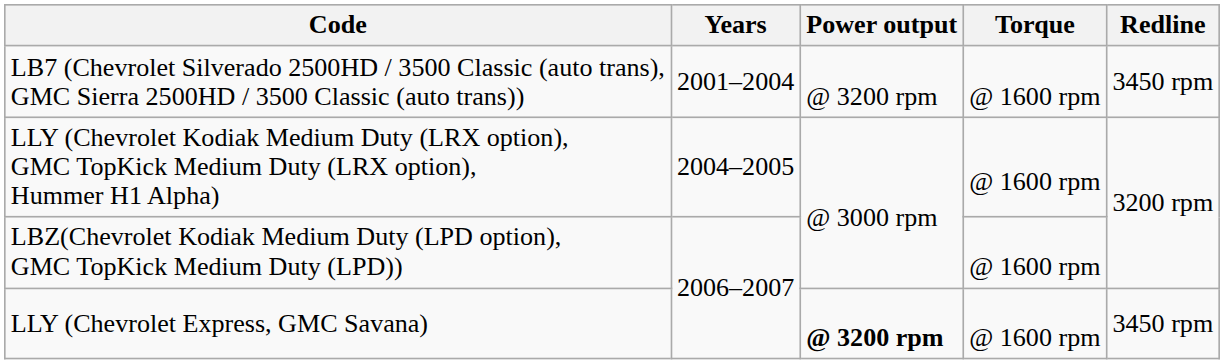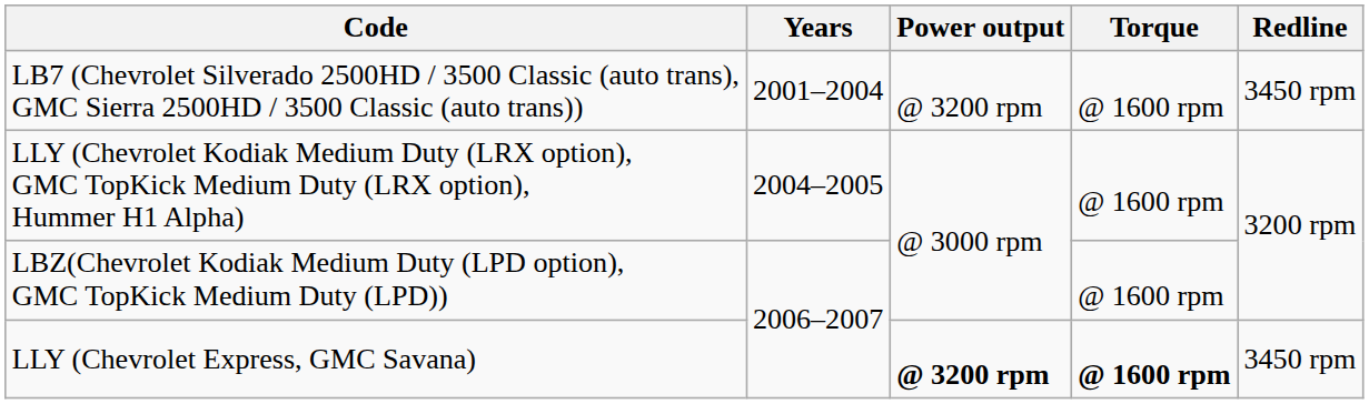 <table class="wikitable">
 <tr>
 <th>Code</th>
 <th>Years</th>
 <th>Power output</th>
 <th>Torque</th>
 <th>Redline</th>
 </tr>
 <tr>
 <td>LB7 (Chevrolet Silverado 2500HD / 3500 Classic (auto trans),<br>GMC Sierra 2500HD / 3500 Classic (auto trans))</td>
 <td>2001–2004</td>
 <td><br>@ 3200 rpm</td>
 <td><br>@ 1600 rpm</td>
 <td>3450 rpm</td>
 </tr>
 <tr>
 <td>LLY (Chevrolet Kodiak Medium Duty (LRX option),<br>GMC TopKick Medium Duty (LRX option),<br>Hummer H1 Alpha)</td>
 <td>2004–2005</td>
 <td rowspan=2><br>@ 3000 rpm</td>
 <td><br>@ 1600 rpm</td>
 <td rowspan=2>3200 rpm</td>
 </tr>
 <tr>
 <td>LBZ(Chevrolet Kodiak Medium Duty (LPD option),<br>GMC TopKick Medium Duty (LPD))</td>
 <td rowspan=2>2006–2007</td>
 <td><br>@ 1600 rpm</td>
 </tr>
 <tr>
 <td>LLY (Chevrolet Express, GMC Savana)</td>
 <td><strong><br>@ 3200 rpm</strong></td>
-<td><br>@ 1600 rpm</td>
+<td><strong><br>@ 1600 rpm</strong></td>
 <td>3450 rpm</td>
 </tr>
 </table>
